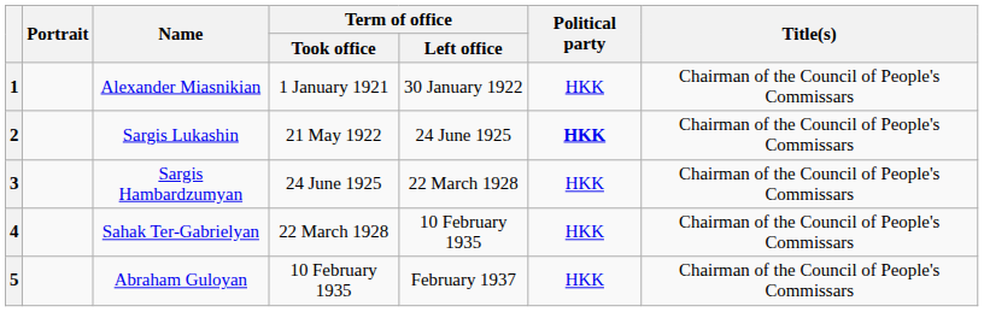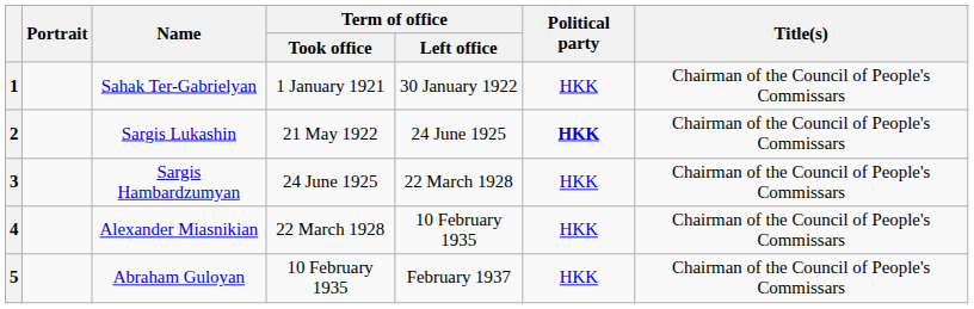 <table class="wikitable" style="text-align:center">
 <tr>
 <th rowspan="2"></th>
 <th rowspan="2">Portrait</th>
 <th rowspan="2">Name<br></th>
 <th colspan="2">Term of office</th>
 <th rowspan="2">Political party</th>
 <th rowspan="2">Title(s)</th>
 </tr>
 <tr>
 <th>Took office</th>
 <th>Left office</th>
 </tr>
 <tr>
 <th style="background:">1</th>
 <td></td>
-<td><a href='#'>Alexander Miasnikian</a><br></td>
+<td><a href='#'>Sahak Ter-Gabrielyan</a><br></td>
 <td>1 January 1921</td>
 <td>30 January 1922</td>
 <td><a href='#'>HKK</a></td>
 <td>Chairman of the Council of People's Commissars</td>
 </tr>
 <tr>
 <th style="background:">2</th>
 <td></td>
 <td><a href='#'>Sargis Lukashin</a><br></td>
 <td>21 May 1922</td>
 <td>24 June 1925</td>
 <td><strong><a href='#'>HKK</a></strong></td>
 <td>Chairman of the Council of People's Commissars</td>
 </tr>
 <tr>
 <th style="background:">3</th>
 <td></td>
 <td><a href='#'>Sargis Hambardzumyan</a><br></td>
 <td>24 June 1925</td>
 <td>22 March 1928</td>
 <td><a href='#'>HKK</a></td>
 <td>Chairman of the Council of People's Commissars</td>
 </tr>
 <tr>
 <th style="background:">4</th>
 <td></td>
-<td><a href='#'>Sahak Ter-Gabrielyan</a><br></td>
+<td><a href='#'>Alexander Miasnikian</a><br></td>
 <td>22 March 1928</td>
 <td>10 February 1935</td>
 <td><a href='#'>HKK</a></td>
 <td>Chairman of the Council of People's Commissars</td>
 </tr>
 <tr>
 <th style="background:">5</th>
 <td></td>
 <td><a href='#'>Abraham Guloyan</a><br></td>
 <td>10 February 1935</td>
 <td>February 1937</td>
 <td><a href='#'>HKK</a></td>
 <td>Chairman of the Council of People's Commissars</td>
 </tr>
 </table>
